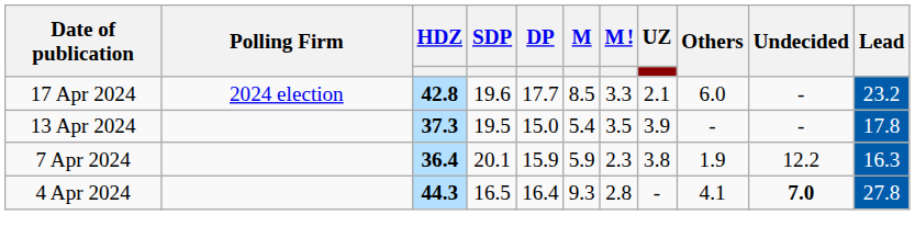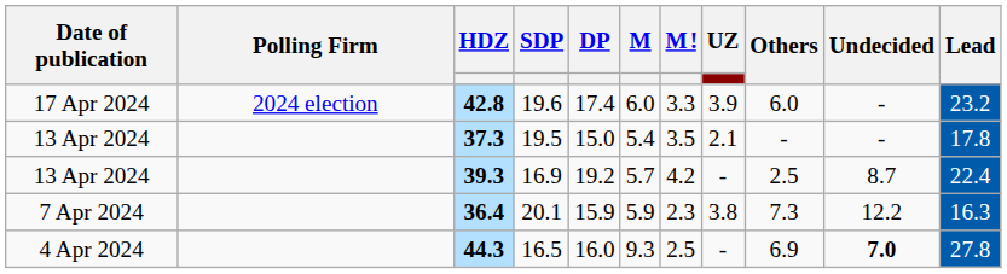 <table class="wikitable sortable" style="text-align:center; font-size:90%; line-height:16px;">
 <tr style="height:42px;">
 <th style="width:100px;" rowspan="2">Date of publication</th>
 <th style="width:165px;" rowspan="2">Polling Firm</th>
 <th><a href='#'>HDZ</a></th>
 <th><a href='#'>SDP</a></th>
 <th><a href='#'>DP</a></th>
 <th><a href='#'>M</a></th>
 <th style="letter-spacing:-1px;"><a href='#'>M !</a></th>
 <th>UZ</th>
 <th class="unsortable" style="width:40px;" rowspan="2">Others</th>
 <th class="unsortable" style="width:40px;" rowspan="2">Undecided</th>
 <th class="unsortable" style="width:20px;" rowspan="2">Lead</th>
 </tr>
 <tr>
 <th style="color:inherit;background:"></th>
 <th data-sort-type="number" style="color:inherit;background:"></th>
 <th style="color:inherit;background:"></th>
 <th style="color:inherit;background:"></th>
 <th style="color:inherit;background:"></th>
 <th style="color:inherit;background:darkred;"></th>
 </tr>
 <tr>
 <td>17 Apr 2024</td>
 <td><a href='#'>2024 election</a></td>
 <td style="background:#B3E0FF"><strong>42.8</strong></td>
 <td>19.6</td>
-<td>17.7</td>
-<td>8.5</td>
+<td>17.4</td>
+<td>6.0</td>
 <td>3.3</td>
-<td>2.1</td>
+<td>3.9</td>
 <td>6.0</td>
 <td>-</td>
 <td style="background:#005BAA; color: white">23.2</td>
 </tr>
 <tr>
 <td>13 Apr 2024</td>
 <td></td>
 <td style="background:#B3E0FF"><strong>37.3</strong></td>
 <td>19.5</td>
 <td>15.0</td>
 <td>5.4</td>
 <td>3.5</td>
-<td>3.9</td>
+<td>2.1</td>
 <td>-</td>
 <td>-</td>
 <td style="background:#005BAA; color: white">17.8</td>
+</tr>
+<tr>
+<td>13 Apr 2024</td>
+<td></td>
+<td style="background:#B3E0FF"><strong>39.3</strong></td>
+<td>16.9</td>
+<td>19.2</td>
+<td>5.7</td>
+<td>4.2</td>
+<td>-</td>
+<td>2.5</td>
+<td>8.7</td>
+<td style="background:#005BAA; color: white">22.4</td>
 </tr>
 <tr>
 <td>7 Apr 2024</td>
 <td></td>
 <td style="background:#B3E0FF"><strong>36.4</strong></td>
 <td>20.1</td>
 <td>15.9</td>
 <td>5.9</td>
 <td>2.3</td>
 <td>3.8</td>
-<td>1.9</td>
+<td>7.3</td>
 <td>12.2</td>
 <td style="background:#005BAA; color: white">16.3</td>
 </tr>
 <tr>
 <td>4 Apr 2024</td>
 <td></td>
 <td style="background:#B3E0FF"><strong>44.3</strong></td>
 <td>16.5</td>
-<td>16.4</td>
+<td>16.0</td>
 <td>9.3</td>
-<td>2.8</td>
+<td>2.5</td>
 <td>-</td>
-<td>4.1</td>
+<td>6.9</td>
 <td><strong>7.0</strong></td>
 <td style="background:#005BAA; color: white">27.8</td>
 </tr>
 </table>
